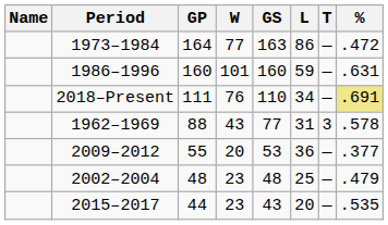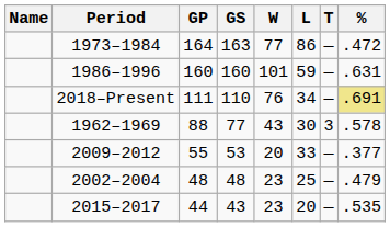 <table class="wikitable sortable" style="text-align:center">
 <tr>
 <th scope="col">Name</th>
 <th scope="col">Period</th>
 <th>GP</th>
+<th>GS</th>
 <th>W</th>
-<th>GS</th>
 <th>L</th>
 <th>T</th>
 <th>%</th>
 </tr>
 <tr>
 <td></td>
 <td>1973–1984</td>
 <td>164</td>
+<td>163</td>
 <td>77</td>
-<td>163</td>
 <td>86</td>
 <td>—</td>
 <td>.472</td>
 </tr>
 <tr>
 <td></td>
 <td>1986–1996</td>
 <td>160</td>
+<td>160</td>
 <td>101</td>
-<td>160</td>
 <td>59</td>
 <td>—</td>
 <td>.631</td>
 </tr>
 <tr>
 <td></td>
 <td>2018–Present</td>
 <td>111</td>
+<td>110</td>
 <td>76</td>
-<td>110</td>
 <td>34</td>
 <td>—</td>
 <td style="background: khaki;">.691</td>
 </tr>
 <tr>
 <td></td>
 <td>1962–1969</td>
 <td>88</td>
+<td>77</td>
 <td>43</td>
-<td>77</td>
-<td>31</td>
+<td>30</td>
 <td>3</td>
 <td>.578</td>
 </tr>
 <tr>
 <td></td>
 <td>2009–2012</td>
 <td>55</td>
+<td>53</td>
 <td>20</td>
-<td>53</td>
-<td>36</td>
+<td>33</td>
 <td>—</td>
 <td>.377</td>
 </tr>
 <tr>
 <td></td>
 <td>2002–2004</td>
 <td>48</td>
+<td>48</td>
 <td>23</td>
-<td>48</td>
 <td>25</td>
 <td>—</td>
 <td>.479</td>
 </tr>
 <tr>
 <td></td>
 <td>2015–2017</td>
 <td>44</td>
+<td>43</td>
 <td>23</td>
-<td>43</td>
 <td>20</td>
 <td>—</td>
 <td>.535</td>
 </tr>
 </table>
